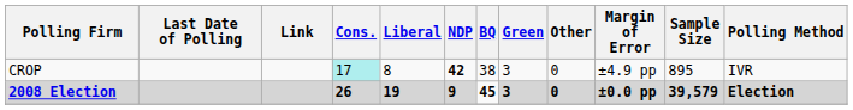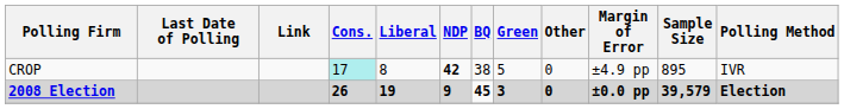 <table class="wikitable sortable">
 <tr style="background:#e9e9e9;">
 <th style="width:120px">Polling Firm</th>
 <th style="width:110px">Last Date<br>of Polling</th>
 <th style="width:60px" class="unsortable">Link</th>
 <th style="background-color:"><strong><a href='#'>Cons.</a></strong></th>
 <th style="background-color:"><strong><a href='#'>Liberal</a></strong></th>
 <th style="background-color:"><strong><a href='#'>NDP</a></strong></th>
 <th style="background-color:"><strong><a href='#'>BQ</a></strong></th>
 <th style="background-color:"><strong><a href='#'>Green</a></strong></th>
 <th style="background-color:"><strong>Other</strong></th>
 <th style="width:60px;" class=unsortable>Margin<br>of Error</th>
 <th style="width:50px;" class=unsortable>Sample<br>Size</th>
 <th class=unsortable>Polling Method</th>
 </tr>
 <tr>
 <td>CROP</td>
 <td></td>
 <td></td>
 <td style="background: paleturquoise;">17</td>
 <td>8</td>
 <td><strong>42</strong></td>
 <td>38</td>
-<td>3</td>
+<td>5</td>
 <td>0</td>
 <td>±4.9 pp</td>
 <td>895</td>
 <td>IVR</td>
 </tr>
 <tr>
 <td style="background:#D5D5D5"><strong><a href='#'>2008 Election</a></strong></td>
 <td style="background:#D5D5D5"><strong></strong></td>
 <td style="background:#D5D5D5"></td>
 <td style="background:#D5D5D5"><strong>26</strong></td>
 <td style="background:#D5D5D5"><strong>19</strong></td>
 <td style="background:#D5D5D5"><strong>9</strong></td>
 <td><strong>45</strong></td>
 <td style="background:#D5D5D5"><strong>3</strong></td>
 <td style="background:#D5D5D5"><strong>0</strong></td>
 <td style="background:#D5D5D5"><strong>±0.0 pp</strong></td>
 <td style="background:#D5D5D5"><strong>39,579</strong></td>
 <td style="background:#D5D5D5"><strong>Election</strong></td>
 </tr>
 <tr>
 </tr>
 <tr>
 </tr>
 </table>
